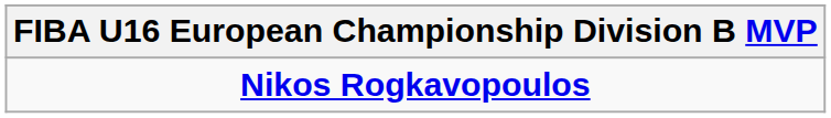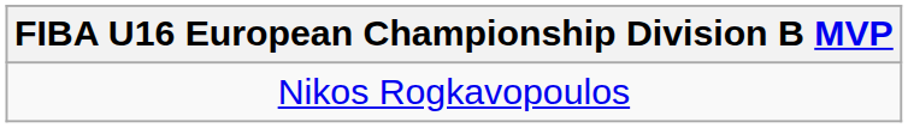 <table class=wikitable style="text-align:center; margin:auto">
 <tr>
 <th>FIBA U16 European Championship Division B <a href='#'>MVP</a></th>
 </tr>
 <tr>
-<td><strong> <a href='#'>Nikos Rogkavopoulos</a></strong></td>
+<td> <a href='#'>Nikos Rogkavopoulos</a></td>
 </tr>
 </table>
